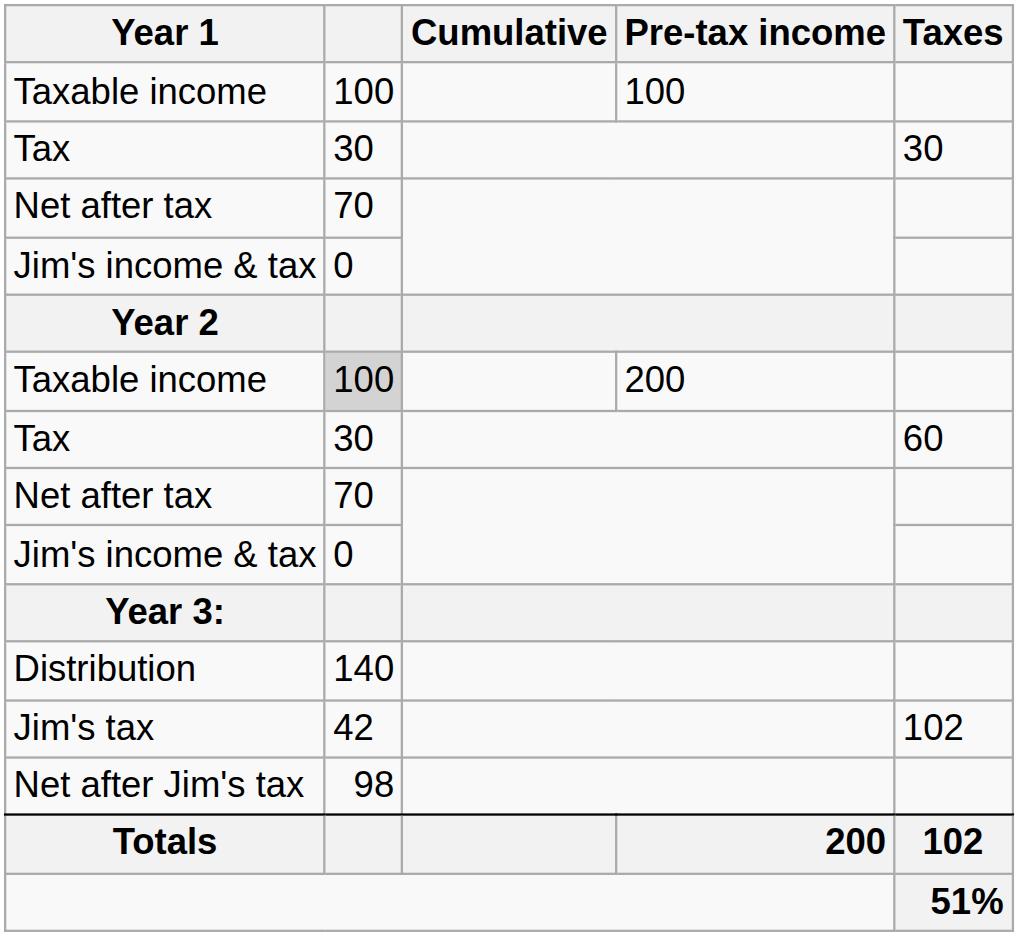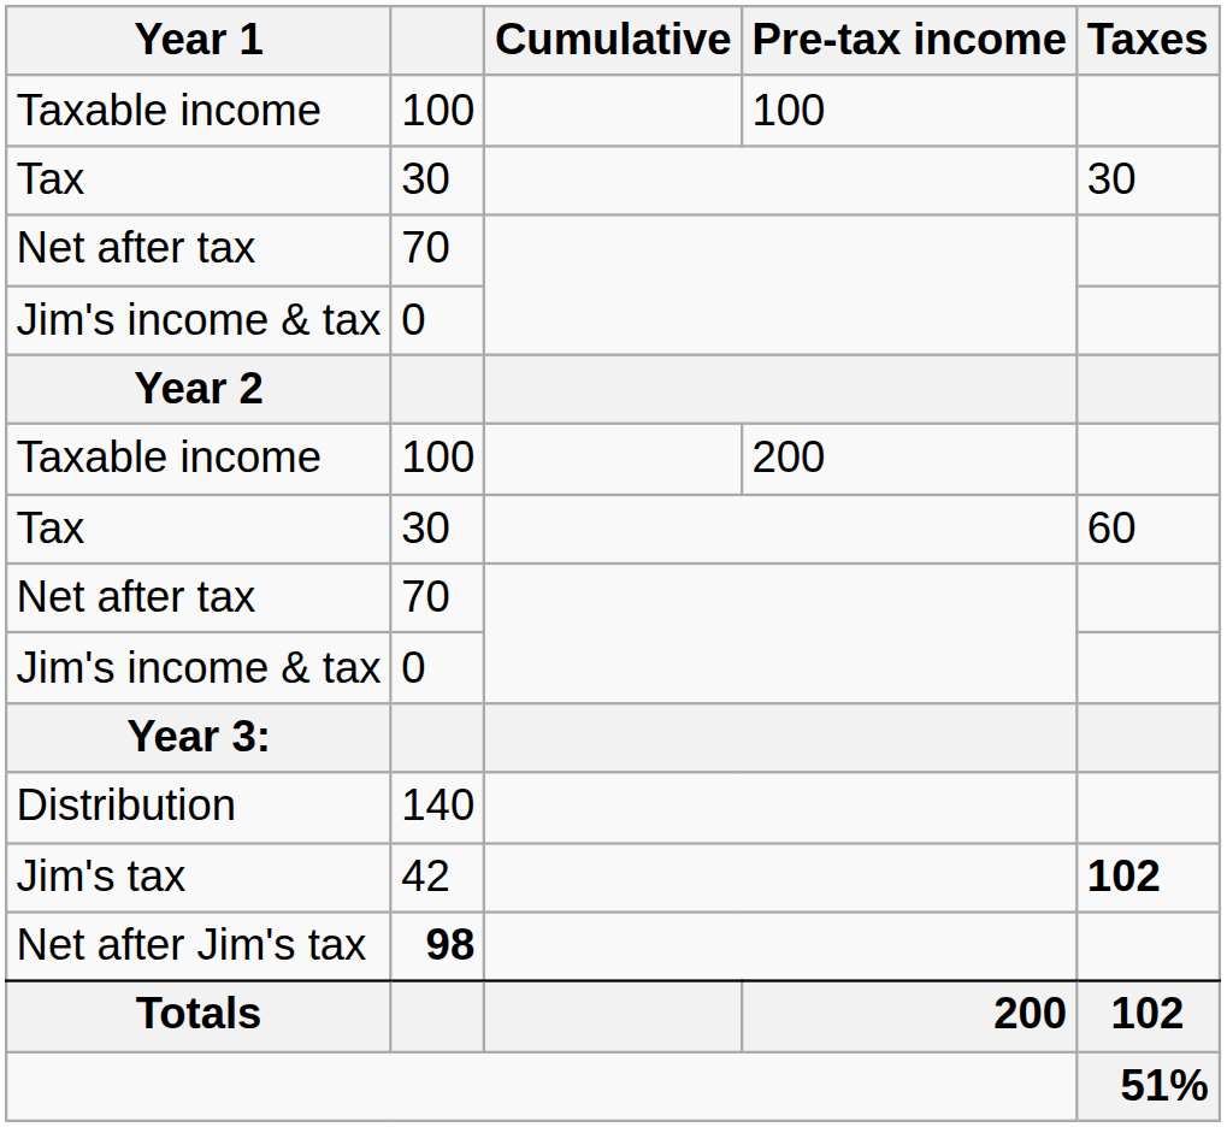 <table class="wikitable">
 <tr>
 <th>Year 1</th>
 <th></th>
 <th>Cumulative</th>
 <th>Pre-tax income</th>
 <th>Taxes</th>
 </tr>
 <tr>
 <td>Taxable income</td>
 <td style="align:right">100</td>
 <td></td>
 <td style="align:right">100</td>
 <td></td>
 </tr>
 <tr>
 <td>Tax</td>
 <td style="align:right">30</td>
 <td colspan="2"></td>
 <td style="align:right">30  </td>
 </tr>
 <tr>
 <td>Net after tax</td>
 <td style="align:right">70</td>
 <td colspan="2" rowspan="2"></td>
 <td></td>
 </tr>
 <tr>
 <td>Jim's income & tax</td>
 <td style="align:right">0</td>
 <td></td>
 </tr>
 <tr>
 <th>Year 2</th>
 <th></th>
 <th colspan="2"></th>
 <th></th>
 </tr>
 <tr>
 <td>Taxable income</td>
-<td style="background: lightgrey; align:right">100</td>
+<td style="align:right">100</td>
 <td></td>
 <td style="align:right">200</td>
 <td></td>
 </tr>
 <tr>
 <td>Tax</td>
 <td style="align:right">30</td>
 <td colspan="2"></td>
 <td style="align:right">60  </td>
 </tr>
 <tr>
 <td>Net after tax</td>
 <td style="align:right">70</td>
 <td colspan="2" rowspan="2"></td>
 <td></td>
 </tr>
 <tr>
 <td>Jim's income & tax</td>
 <td style="align:right">0</td>
 <td></td>
 </tr>
 <tr>
 <th>Year 3:</th>
 <th></th>
 <th colspan="2"></th>
 <th></th>
 </tr>
 <tr>
 <td>Distribution</td>
 <td style="align:right">140</td>
 <td colspan="2"></td>
 <td></td>
 </tr>
 <tr>
 <td>Jim's tax</td>
 <td style="align:right">42</td>
 <td colspan="2"></td>
-<td style="align:right">102  </td>
+<td style="align:right"><strong>102  </strong></td>
 </tr>
 <tr>
 <td style="border-bottom:solid 1px black;">Net after Jim's tax</td>
-<td style="border-bottom:solid 1px black; text-align:right;">98</td>
+<td style="border-bottom:solid 1px black; text-align:right;"><strong>98</strong></td>
 <td style="border-bottom:solid 1px black;" colspan="2"></td>
 <td style="border-bottom:solid 1px black;"></td>
 </tr>
 <tr>
 <th>Totals</th>
 <th></th>
 <th></th>
 <th style="text-align:right;">200</th>
 <th style="text-align:right;">102  </th>
 </tr>
 <tr>
 <td colspan="4"></td>
 <th style="text-align:right;">51%</th>
 </tr>
 </table>
